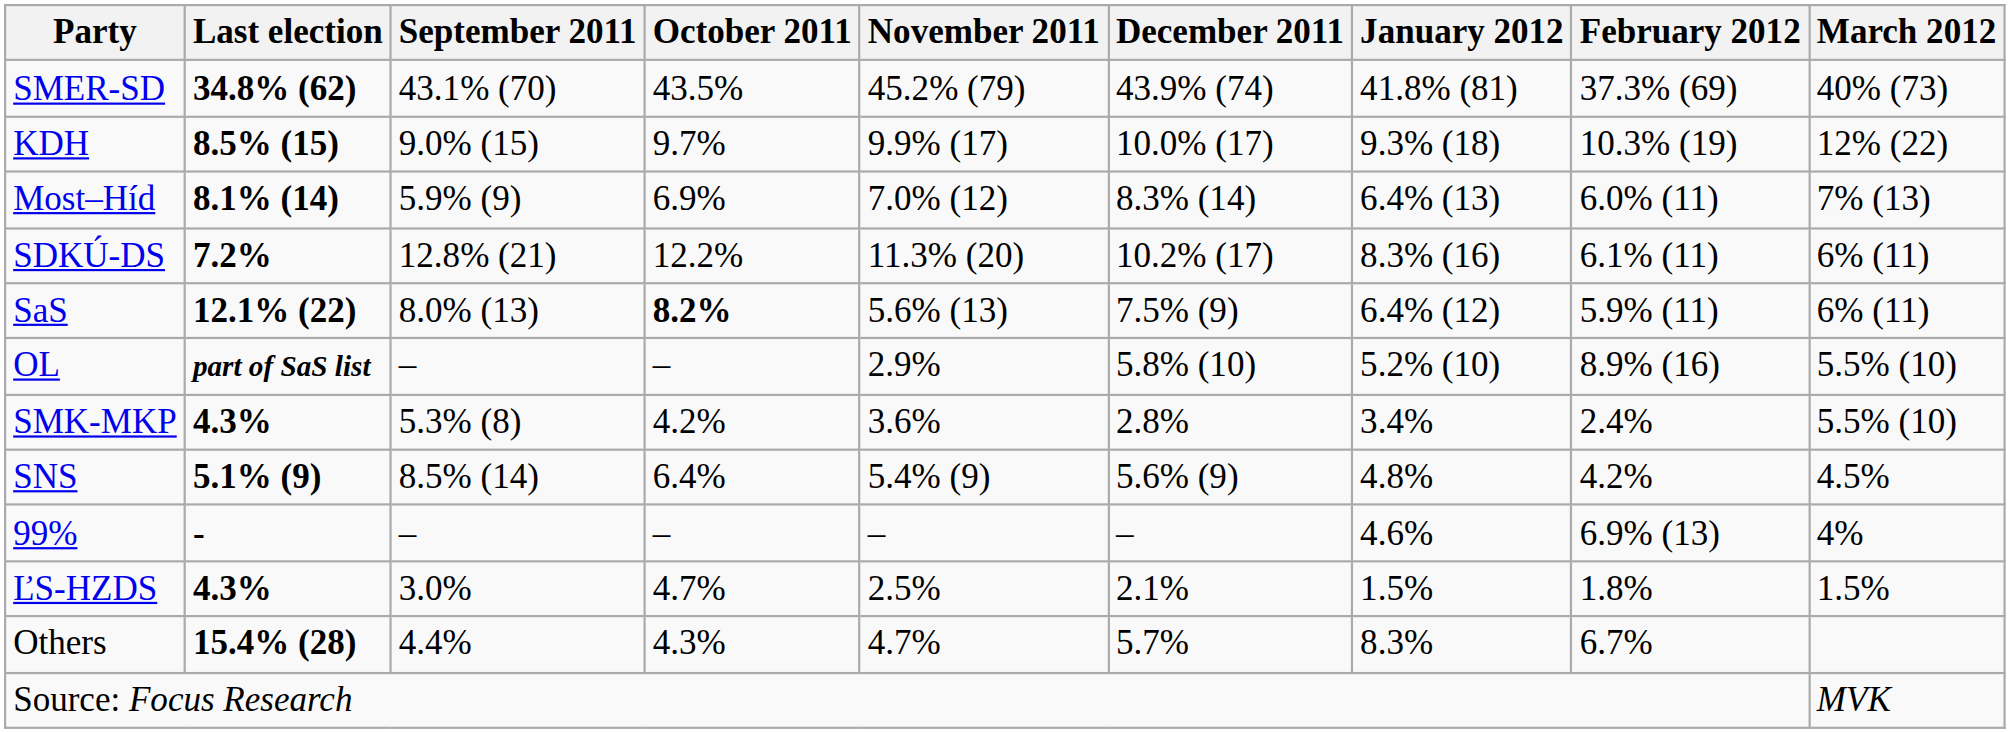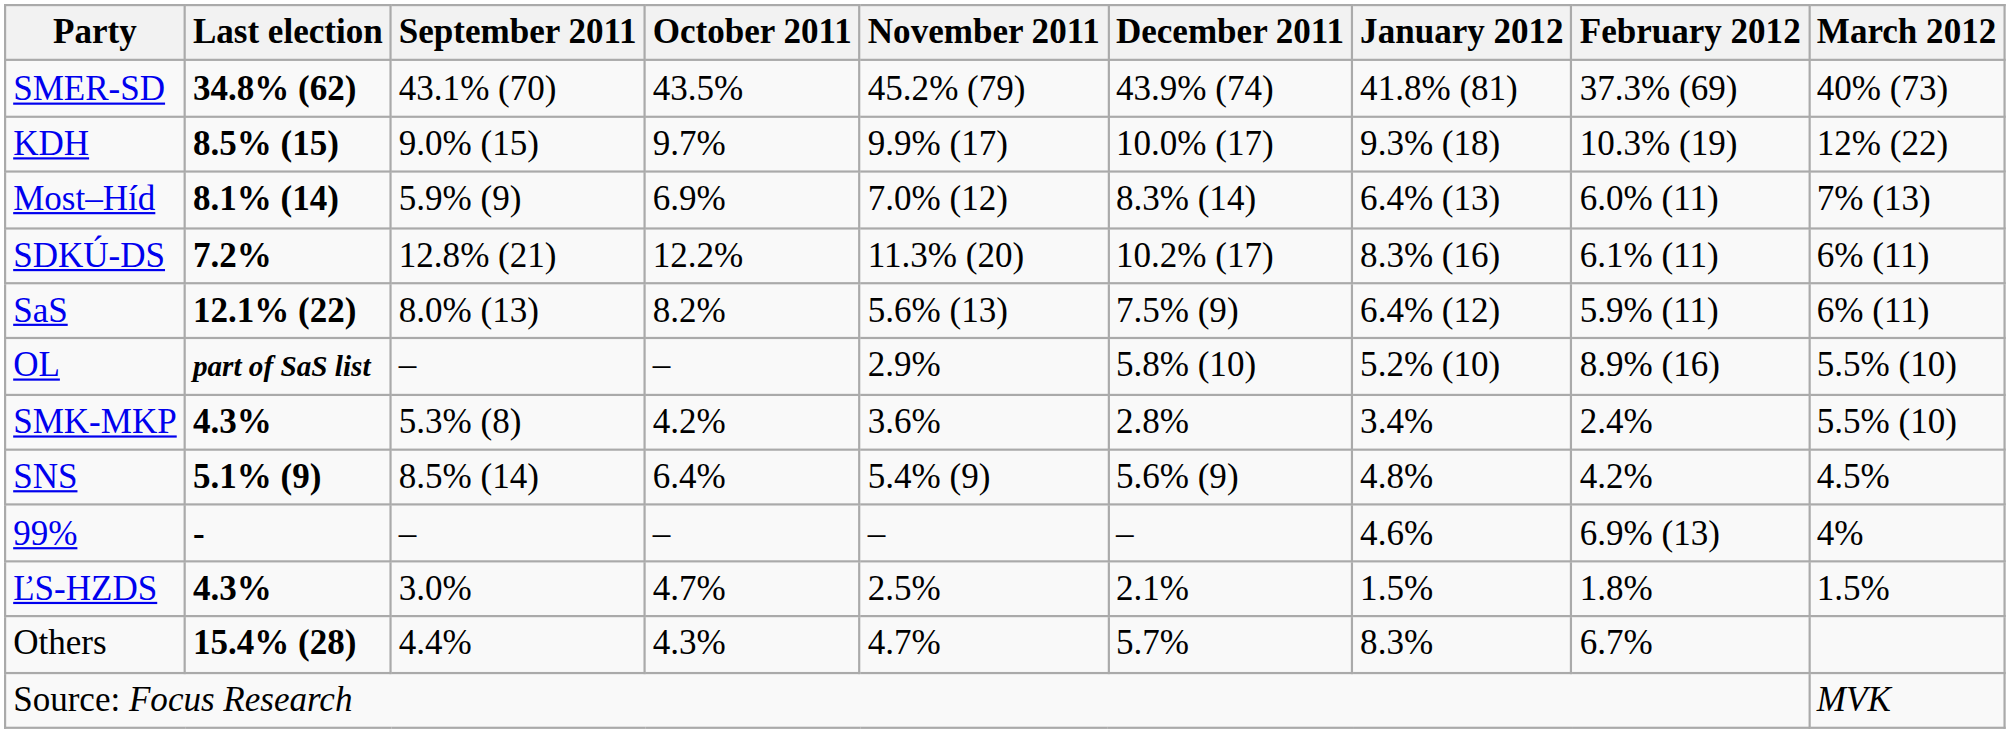 <table class="wikitable">
 <tr>
 <th>Party</th>
 <th>Last election</th>
 <th>September 2011</th>
 <th>October 2011</th>
 <th>November 2011</th>
 <th>December 2011</th>
 <th>January 2012</th>
 <th>February 2012</th>
 <th>March 2012</th>
 </tr>
 <tr>
 <td><a href='#'>SMER-SD</a></td>
 <td><strong>34.8% (62)</strong></td>
 <td>43.1% (70)</td>
 <td>43.5%</td>
 <td>45.2% (79)</td>
 <td>43.9% (74)</td>
 <td>41.8% (81)</td>
 <td>37.3% (69)</td>
 <td>40% (73)</td>
 </tr>
 <tr>
 <td><a href='#'>KDH</a></td>
 <td><strong>8.5% (15)</strong></td>
 <td>9.0% (15)</td>
 <td>9.7%</td>
 <td>9.9% (17)</td>
 <td>10.0% (17)</td>
 <td>9.3% (18)</td>
 <td>10.3% (19)</td>
 <td>12% (22)</td>
 </tr>
 <tr>
 <td><a href='#'>Most–Híd</a></td>
 <td><strong>8.1% (14)</strong></td>
 <td>5.9% (9)</td>
 <td>6.9%</td>
 <td>7.0% (12)</td>
 <td>8.3% (14)</td>
 <td>6.4% (13)</td>
 <td>6.0% (11)</td>
 <td>7% (13)</td>
 </tr>
 <tr>
 <td><a href='#'>SDKÚ-DS</a></td>
 <td><strong>7.2%</strong></td>
 <td>12.8% (21)</td>
 <td>12.2%</td>
 <td>11.3% (20)</td>
 <td>10.2% (17)</td>
 <td>8.3% (16)</td>
 <td>6.1% (11)</td>
 <td>6% (11)</td>
 </tr>
 <tr>
 <td><a href='#'>SaS</a></td>
 <td><strong>12.1% (22)</strong></td>
 <td>8.0% (13)</td>
-<td><strong>8.2%</strong></td>
+<td>8.2%</td>
 <td>5.6% (13)</td>
 <td>7.5% (9)</td>
 <td>6.4% (12)</td>
 <td>5.9% (11)</td>
 <td>6% (11)</td>
 </tr>
 <tr>
 <td><a href='#'>OL</a></td>
 <td><small><strong><em>part of SaS list</em></strong></small></td>
 <td>–</td>
 <td>–</td>
 <td>2.9%</td>
 <td>5.8% (10)</td>
 <td>5.2% (10)</td>
 <td>8.9% (16)</td>
 <td>5.5% (10)</td>
 </tr>
 <tr>
 <td><a href='#'>SMK-MKP</a></td>
 <td><strong>4.3%</strong></td>
 <td>5.3% (8)</td>
 <td>4.2%</td>
 <td>3.6%</td>
 <td>2.8%</td>
 <td>3.4%</td>
 <td>2.4%</td>
 <td>5.5% (10)</td>
 </tr>
 <tr>
 <td><a href='#'>SNS</a></td>
 <td><strong>5.1% (9)</strong></td>
 <td>8.5% (14)</td>
 <td>6.4%</td>
 <td>5.4% (9)</td>
 <td>5.6% (9)</td>
 <td>4.8%</td>
 <td>4.2%</td>
 <td>4.5%</td>
 </tr>
 <tr>
 <td><a href='#'>99%</a></td>
 <td><strong>-</strong></td>
 <td>–</td>
 <td>–</td>
 <td>–</td>
 <td>–</td>
 <td>4.6%</td>
 <td>6.9% (13)</td>
 <td>4%</td>
 </tr>
 <tr>
 <td><a href='#'>ĽS-HZDS</a></td>
 <td><strong>4.3%</strong></td>
 <td>3.0%</td>
 <td>4.7%</td>
 <td>2.5%</td>
 <td>2.1%</td>
 <td>1.5%</td>
 <td>1.8%</td>
 <td>1.5%</td>
 </tr>
 <tr>
 <td>Others</td>
 <td><strong>15.4% (28)</strong></td>
 <td>4.4%</td>
 <td>4.3%</td>
 <td>4.7%</td>
 <td>5.7%</td>
 <td>8.3%</td>
 <td>6.7%</td>
 </tr>
 <tr>
 <td colspan="8">Source: <em>Focus Research</em></td>
 <td><em>MVK</em></td>
 </tr>
 </table>
